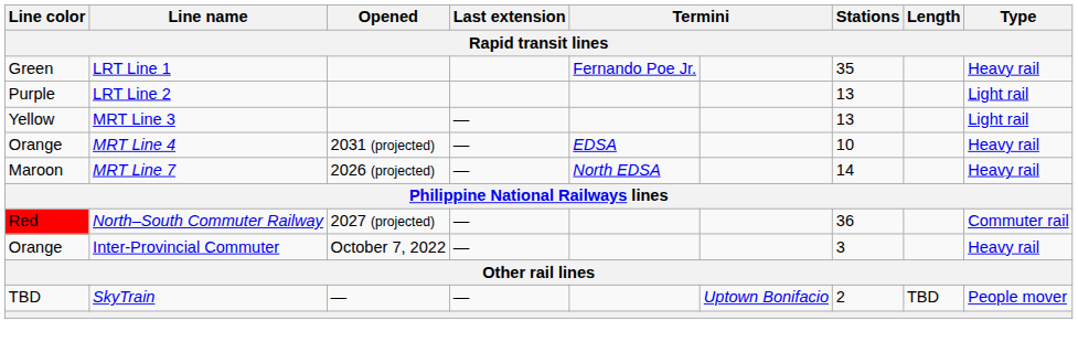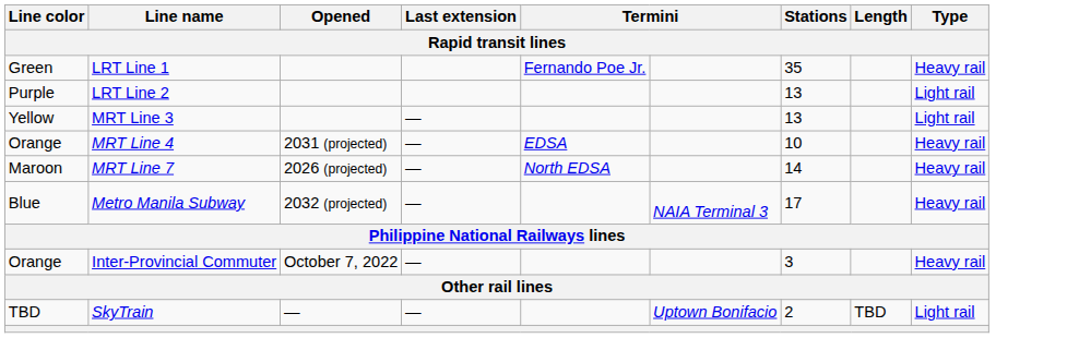 <table class="wikitable sortable">
 <tr>
 <th>Line color</th>
 <th>Line name</th>
 <th>Opened</th>
 <th>Last extension</th>
 <th colspan="2">Termini</th>
 <th>Stations</th>
 <th>Length</th>
 <th>Type</th>
 </tr>
 <tr>
 <th colspan="9">Rapid transit lines</th>
 </tr>
 <tr>
 <td style="background-color:#"><span>Green</span></td>
 <td><a href='#'>LRT Line 1</a></td>
 <td></td>
 <td></td>
 <td><a href='#'>Fernando Poe Jr.</a></td>
 <td></td>
 <td>35</td>
 <td></td>
 <td><a href='#'>Heavy rail</a></td>
 </tr>
 <tr>
 <td style="background-color:#"><span>Purple</span></td>
 <td><a href='#'>LRT Line 2</a></td>
 <td></td>
 <td></td>
 <td></td>
 <td></td>
 <td>13</td>
 <td></td>
 <td><a href='#'>Light rail</a></td>
 </tr>
 <tr>
 <td style="background-color:#">Yellow</td>
 <td><a href='#'>MRT Line 3</a></td>
 <td></td>
 <td>—</td>
 <td></td>
 <td></td>
 <td>13</td>
 <td></td>
 <td><a href='#'>Light rail</a></td>
 </tr>
 <tr>
 <td style="background-color:#"><span>Orange</span></td>
 <td><a href='#'><em>MRT Line 4</em></a></td>
 <td>2031 <small>(projected)</small></td>
 <td>—</td>
 <td><em><a href='#'>EDSA</a></em></td>
 <td><em></em></td>
 <td>10</td>
 <td></td>
 <td><a href='#'>Heavy rail</a></td>
 </tr>
 <tr>
 <td style="background-color:#"><span>Maroon</span></td>
 <td><a href='#'><em>MRT Line 7</em></a></td>
 <td>2026 <small>(projected)</small></td>
 <td>—</td>
 <td><em><a href='#'>North EDSA</a></em></td>
 <td><em></em></td>
 <td>14</td>
 <td></td>
 <td><a href='#'>Heavy rail</a></td>
 </tr>
 <tr>
-<th colspan="9"><a href='#'>Philippine National Railways</a> lines</th>
+<td style="background-color:#"><span>Blue</span></td>
+<td><em><a href='#'>Metro Manila Subway</a></em></td>
+<td>2032 <small>(projected)</small></td>
+<td>—</td>
+<td><em></em></td>
+<td><em></em><br><a href='#'><em>NAIA Terminal 3</em></a></td>
+<td>17</td>
+<td></td>
+<td><a href='#'>Heavy rail</a></td>
 </tr>
 <tr>
-<td style="background-color:#FF0000"><span>Red</span></td>
-<td><em><a href='#'>North–South Commuter Railway</a></em></td>
-<td>2027 <small>(projected)</small></td>
-<td>—</td>
-<td><em></em><br><em></em></td>
-<td><em></em></td>
-<td>36</td>
-<td></td>
-<td><a href='#'>Commuter rail</a></td>
+<th colspan="9"><a href='#'>Philippine National Railways</a> lines</th>
 </tr>
 <tr>
 <td style="background-color:#"><span>Orange</span></td>
 <td><a href='#'>Inter-Provincial Commuter</a></td>
 <td>October 7, 2022</td>
 <td>—</td>
 <td></td>
 <td></td>
 <td>3</td>
 <td></td>
 <td><a href='#'>Heavy rail</a></td>
 </tr>
 <tr>
 <th colspan="9">Other rail lines</th>
 </tr>
 <tr>
 <td>TBD</td>
 <td><a href='#'><em>SkyTrain</em></a></td>
 <td>—</td>
 <td>—</td>
 <td><em></em></td>
 <td><a href='#'><em>Uptown Bonifacio</em></a></td>
 <td>2</td>
 <td>TBD</td>
-<td><a href='#'>People mover</a></td>
+<td><a href='#'>Light rail</a></td>
 </tr>
 <tr>
 <th colspan="9"></th>
 </tr>
 </table>
